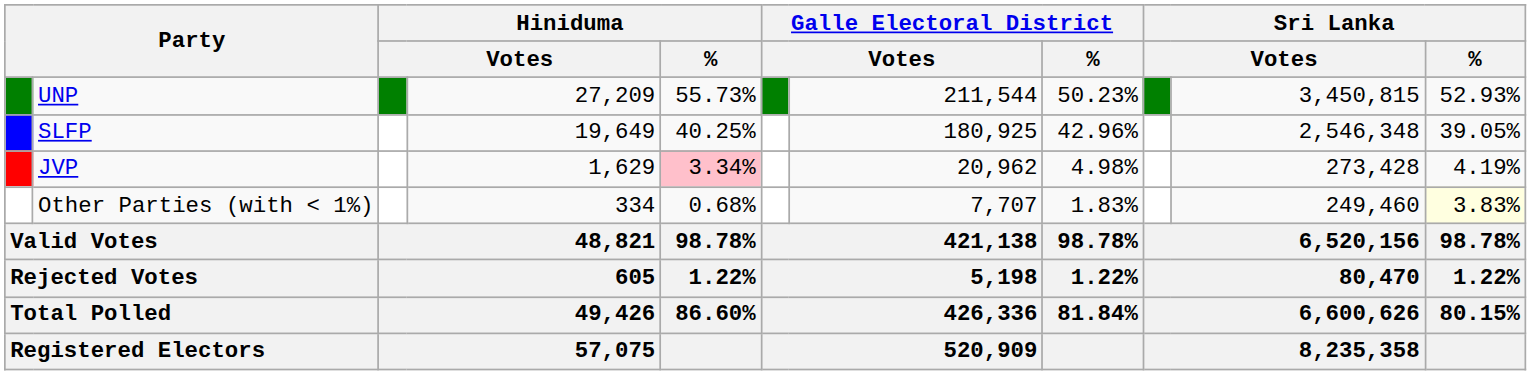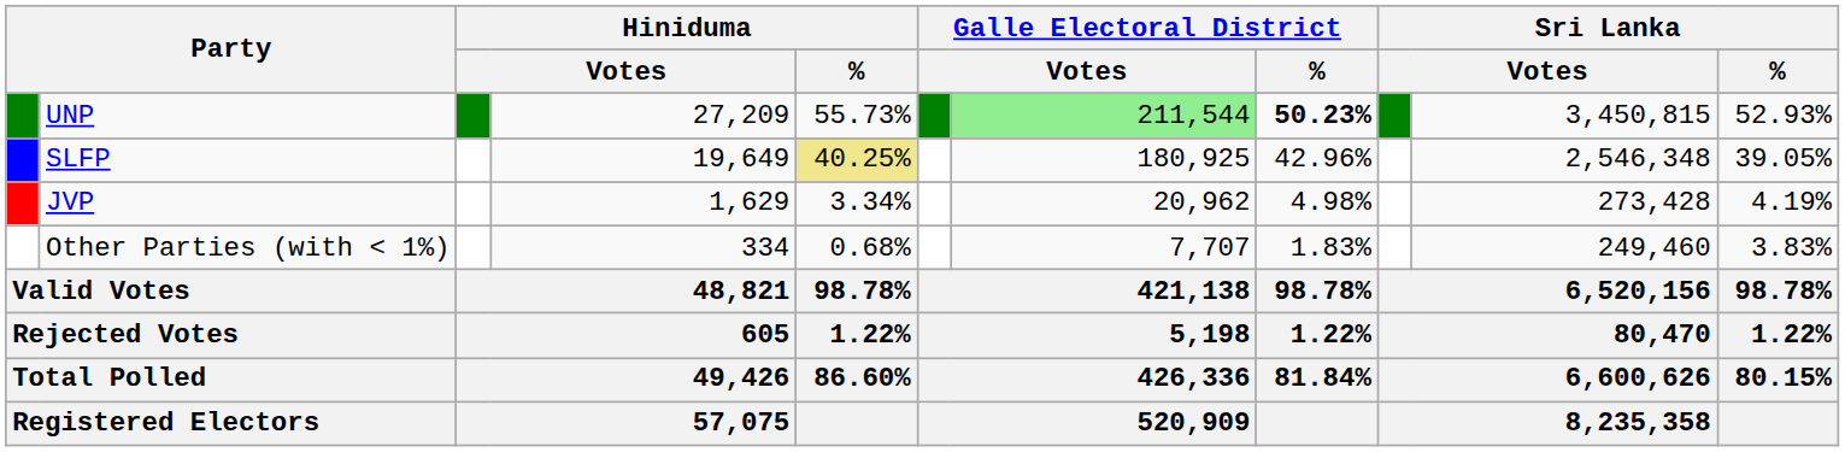 <table class="wikitable">
 <tr>
 <th colspan="2" width="144px"rowspan="2">Party</th>
 <th colspan="3" width="216px">Hiniduma</th>
 <th colspan="3" width="216px"><a href='#'>Galle Electoral District</a></th>
 <th colspan="3" width="216px">Sri Lanka</th>
 </tr>
 <tr>
 <th colspan="2" width="144px">Votes</th>
 <th>%</th>
 <th colspan="2" width="144px">Votes</th>
 <th>%</th>
 <th colspan="2" width="144px">Votes</th>
 <th>%</th>
 </tr>
 <tr>
 <td style="background-color:green;" width="10px"></td>
 <td style="text-align:left;"><a href='#'>UNP</a></td>
 <td style="background-color:green;" width="10px"></td>
 <td style="text-align:right;">27,209</td>
 <td style="text-align:right;">55.73%</td>
 <td style="background-color:green;" width="10px"></td>
-<td style="text-align:right;">211,544</td>
-<td style="text-align:right;">50.23%</td>
+<td style="background: lightgreen; text-align:right;">211,544</td>
+<td style="text-align:right;"><strong>50.23%</strong></td>
 <td style="background-color:green;" width="10px"></td>
 <td style="text-align:right;">3,450,815</td>
 <td style="text-align:right;">52.93%</td>
 </tr>
 <tr>
 <td style="background-color:blue;" width="10px"></td>
 <td style="text-align:left;"><a href='#'>SLFP</a></td>
 <td style="background-color:white;" width="10px"></td>
 <td style="text-align:right;">19,649</td>
-<td style="text-align:right;">40.25%</td>
+<td style="background: khaki; text-align:right;">40.25%</td>
 <td style="background-color:white;" width="10px"></td>
 <td style="text-align:right;">180,925</td>
 <td style="text-align:right;">42.96%</td>
 <td style="background-color:white;" width="10px"></td>
 <td style="text-align:right;">2,546,348</td>
 <td style="text-align:right;">39.05%</td>
 </tr>
 <tr>
 <td style="background-color:red;" width="10px"></td>
 <td style="text-align:left;"><a href='#'>JVP</a></td>
 <td style="background-color:white;" width="10px"></td>
 <td style="text-align:right;">1,629</td>
-<td style="background: pink; text-align:right;">3.34%</td>
+<td style="text-align:right;">3.34%</td>
 <td style="background-color:white;" width="10px"></td>
 <td style="text-align:right;">20,962</td>
 <td style="text-align:right;">4.98%</td>
 <td style="background-color:white;" width="10px"></td>
 <td style="text-align:right;">273,428</td>
 <td style="text-align:right;">4.19%</td>
 </tr>
 <tr>
 <td style="background-color:white;" width="10px"></td>
 <td style="text-align:left;">Other Parties (with < 1%)</td>
 <td style="background-color:white;" width="10px"></td>
 <td style="text-align:right;">334</td>
 <td style="text-align:right;">0.68%</td>
 <td style="background-color:white;" width="10px"></td>
 <td style="text-align:right;">7,707</td>
 <td style="text-align:right;">1.83%</td>
 <td style="background-color:white;" width="10px"></td>
 <td style="text-align:right;">249,460</td>
-<td style="background: lightyellow; text-align:right;">3.83%</td>
+<td style="text-align:right;">3.83%</td>
 </tr>
 <tr>
 <th colspan="2" width="144px"style="text-align:left;">Valid Votes</th>
 <th style="text-align:right;"colspan="2" width="144px">48,821</th>
 <th style="text-align:right;">98.78%</th>
 <th style="text-align:right;"colspan="2" width="144px">421,138</th>
 <th style="text-align:right;">98.78%</th>
 <th style="text-align:right;"colspan="2" width="144px">6,520,156</th>
 <th style="text-align:right;">98.78%</th>
 </tr>
 <tr>
 <th colspan="2" width="144px"style="text-align:left;">Rejected Votes</th>
 <th style="text-align:right;"colspan="2" width="144px">605</th>
 <th style="text-align:right;">1.22%</th>
 <th style="text-align:right;"colspan="2" width="144px">5,198</th>
 <th style="text-align:right;">1.22%</th>
 <th style="text-align:right;"colspan="2" width="144px">80,470</th>
 <th style="text-align:right;">1.22%</th>
 </tr>
 <tr>
 <th colspan="2" width="144px"style="text-align:left;">Total Polled</th>
 <th style="text-align:right;"colspan="2" width="144px">49,426</th>
 <th style="text-align:right;">86.60%</th>
 <th style="text-align:right;"colspan="2" width="144px">426,336</th>
 <th style="text-align:right;">81.84%</th>
 <th style="text-align:right;"colspan="2" width="144px">6,600,626</th>
 <th style="text-align:right;">80.15%</th>
 </tr>
 <tr>
 <th colspan="2" width="144px"style="text-align:left;">Registered Electors</th>
 <th style="text-align:right;"colspan="2" width="144px">57,075</th>
 <th></th>
 <th style="text-align:right;"colspan="2" width="144px">520,909</th>
 <th></th>
 <th style="text-align:right;"colspan="2" width="144px">8,235,358</th>
 <th></th>
 </tr>
 </table>
